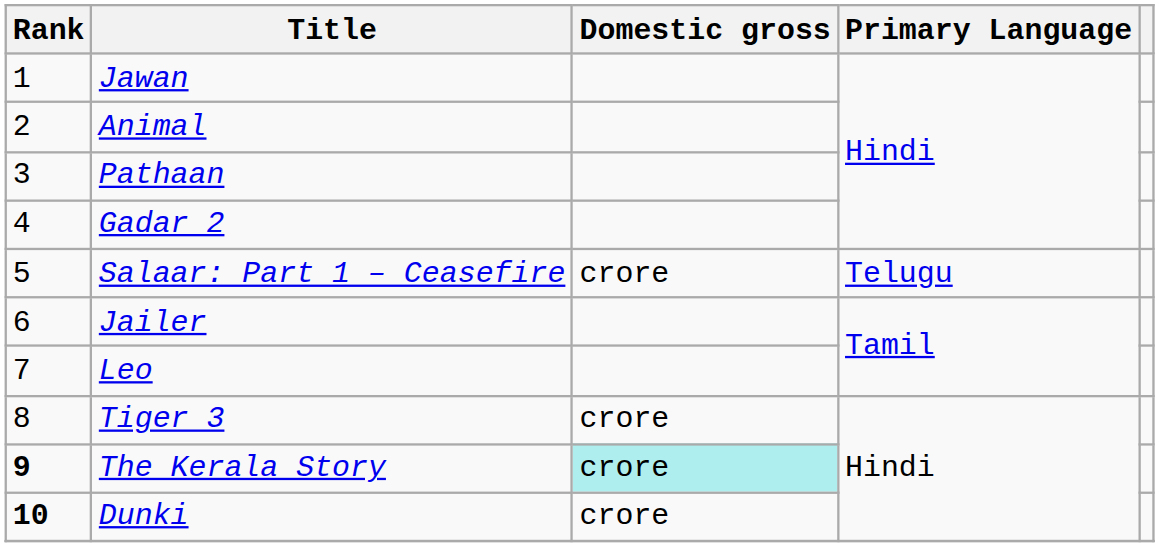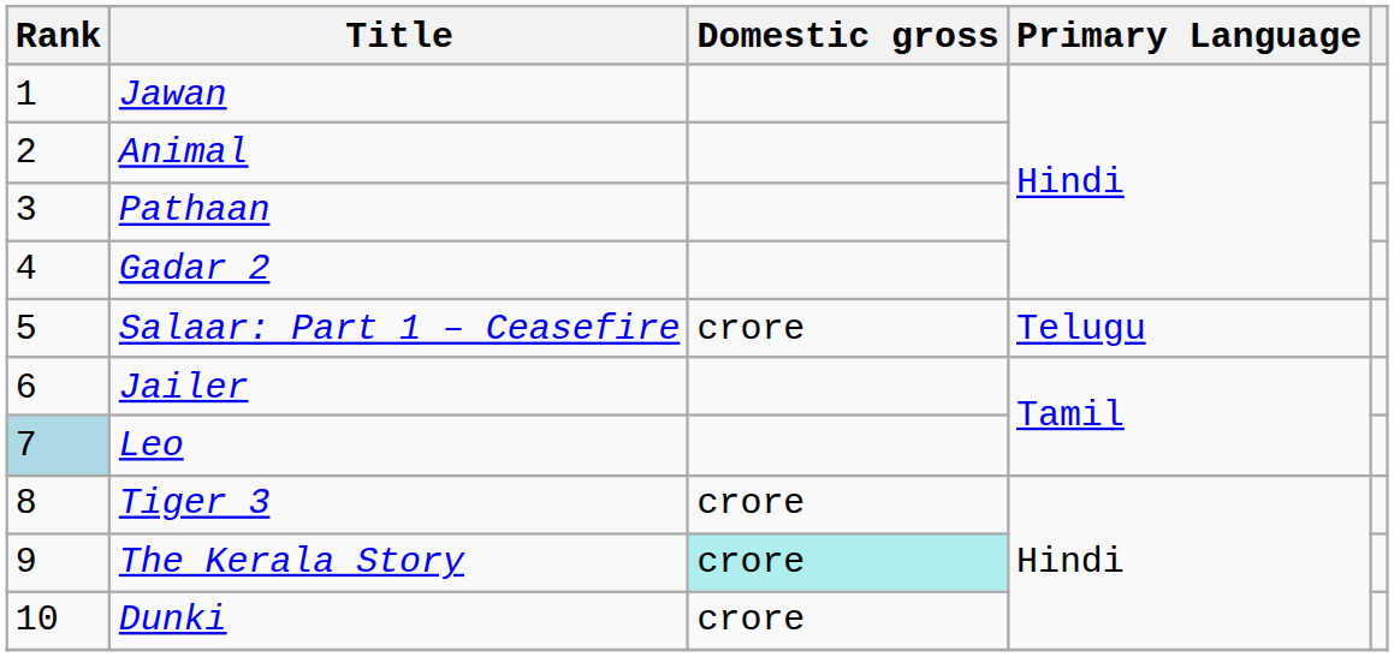 <table class="wikitable sortable" style="margin:auto; margin:auto;">
 <tr>
 <th>Rank</th>
 <th>Title</th>
 <th>Domestic gross</th>
 <th>Primary Language</th>
 <th></th>
 </tr>
 <tr>
 <td>1</td>
 <td><em><a href='#'>Jawan</a></em></td>
 <td></td>
 <td rowspan="4"><a href='#'>Hindi</a></td>
 <td></td>
 </tr>
 <tr>
 <td>2</td>
 <td><em><a href='#'>Animal</a></em></td>
 <td></td>
 <td></td>
 </tr>
 <tr>
 <td>3</td>
 <td><em><a href='#'>Pathaan</a></em></td>
 <td></td>
 <td></td>
 </tr>
 <tr>
 <td>4</td>
 <td><em><a href='#'>Gadar 2</a></em></td>
 <td></td>
 <td></td>
 </tr>
 <tr>
 <td>5</td>
 <td><em><a href='#'>Salaar: Part 1 – Ceasefire</a></em></td>
 <td> crore</td>
 <td><a href='#'>Telugu</a></td>
 <td></td>
 </tr>
 <tr>
 <td>6</td>
 <td><em><a href='#'>Jailer</a></em></td>
 <td></td>
 <td rowspan="2"><a href='#'>Tamil</a></td>
 <td></td>
 </tr>
 <tr>
-<td>7</td>
+<td style="background: lightblue;">7</td>
 <td><em><a href='#'>Leo</a></em></td>
 <td></td>
 <td></td>
 </tr>
 <tr>
 <td>8</td>
 <td><em><a href='#'>Tiger 3</a></em></td>
 <td> crore</td>
 <td rowspan="3">Hindi</td>
 <td></td>
 </tr>
 <tr>
-<td><strong>9</strong></td>
+<td>9</td>
 <td><em><a href='#'>The Kerala Story</a></em></td>
 <td style="background: paleturquoise;"> crore</td>
 <td></td>
 </tr>
 <tr>
-<td><strong>10</strong></td>
+<td>10</td>
 <td><em><a href='#'>Dunki</a></em></td>
 <td> crore</td>
 <td></td>
 </tr>
 <tr>
 </tr>
 </table>
